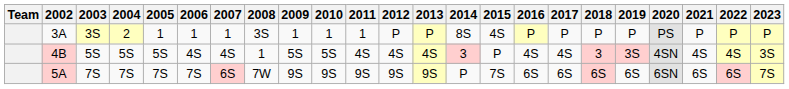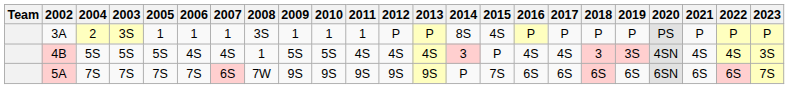 <table class="wikitable" style="font-size:85%; text-align: center;">
 <tr>
 <th scope="col">Team</th>
 <th scope="col">2002</th>
+<th scope="col">2004</th>
 <th scope="col">2003</th>
-<th scope="col">2004</th>
 <th scope="col">2005</th>
 <th scope="col">2006</th>
 <th scope="col">2007</th>
 <th scope="col">2008</th>
 <th scope="col">2009</th>
 <th scope="col">2010</th>
 <th scope="col">2011</th>
 <th scope="col">2012</th>
 <th scope="col">2013</th>
 <th scope="col">2014</th>
 <th scope="col">2015</th>
 <th scope="col">2016</th>
 <th scope="col">2017</th>
 <th scope="col">2018</th>
 <th scope="col">2019</th>
 <th scope="col">2020</th>
 <th scope="col">2021</th>
 <th scope="col">2022</th>
 <th scope="col">2023</th>
 </tr>
 <tr>
 <th scope="row"></th>
 <td>3A</td>
+<td bgcolor="#ffffbf">2</td>
 <td bgcolor="#ffffbf">3S</td>
-<td bgcolor="#ffffbf">2</td>
 <td>1</td>
 <td>1</td>
 <td>1</td>
 <td>3S</td>
 <td>1</td>
 <td>1</td>
 <td>1</td>
 <td>P</td>
 <td bgcolor="#ffffbf">P</td>
 <td>8S</td>
 <td>4S</td>
 <td bgcolor="#ffffbf">P</td>
 <td>P</td>
 <td>P</td>
 <td>P</td>
 <td bgcolor="#e2e2e2">PS</td>
 <td>P</td>
 <td bgcolor="#ffffbf">P</td>
 <td bgcolor="#ffffbf">P</td>
 </tr>
 <tr>
 <th scope="row"></th>
 <td bgcolor="#ffcfcf">4B</td>
 <td>5S</td>
 <td>5S</td>
 <td>5S</td>
 <td>4S</td>
 <td>4S</td>
 <td>1</td>
 <td>5S</td>
 <td>5S</td>
 <td>4S</td>
 <td>4S</td>
 <td bgcolor="#ffffbf">4S</td>
 <td bgcolor="#ffcfcf">3</td>
 <td>P</td>
 <td>4S</td>
 <td>4S</td>
 <td bgcolor="#ffcfcf">3</td>
 <td bgcolor="#ffcfcf">3S</td>
 <td bgcolor="#e2e2e2">4SN</td>
 <td>4S</td>
 <td bgcolor="#ffffbf">4S</td>
 <td bgcolor="#ffffbf">3S</td>
 </tr>
 <tr>
 <th scope="row"></th>
 <td bgcolor="#ffcfcf">5A</td>
 <td>7S</td>
 <td>7S</td>
 <td>7S</td>
 <td>7S</td>
 <td bgcolor="#ffcfcf">6S</td>
 <td>7W</td>
 <td>9S</td>
 <td>9S</td>
 <td>9S</td>
 <td>9S</td>
 <td bgcolor="#ffffbf">9S</td>
 <td>P</td>
 <td>7S</td>
 <td>6S</td>
 <td>6S</td>
 <td bgcolor="#ffcfcf">6S</td>
 <td>6S</td>
 <td bgcolor="#e2e2e2">6SN</td>
 <td>6S</td>
 <td bgcolor="#ffcfcf">6S</td>
 <td bgcolor="#ffffbf">7S</td>
 </tr>
 </table>
